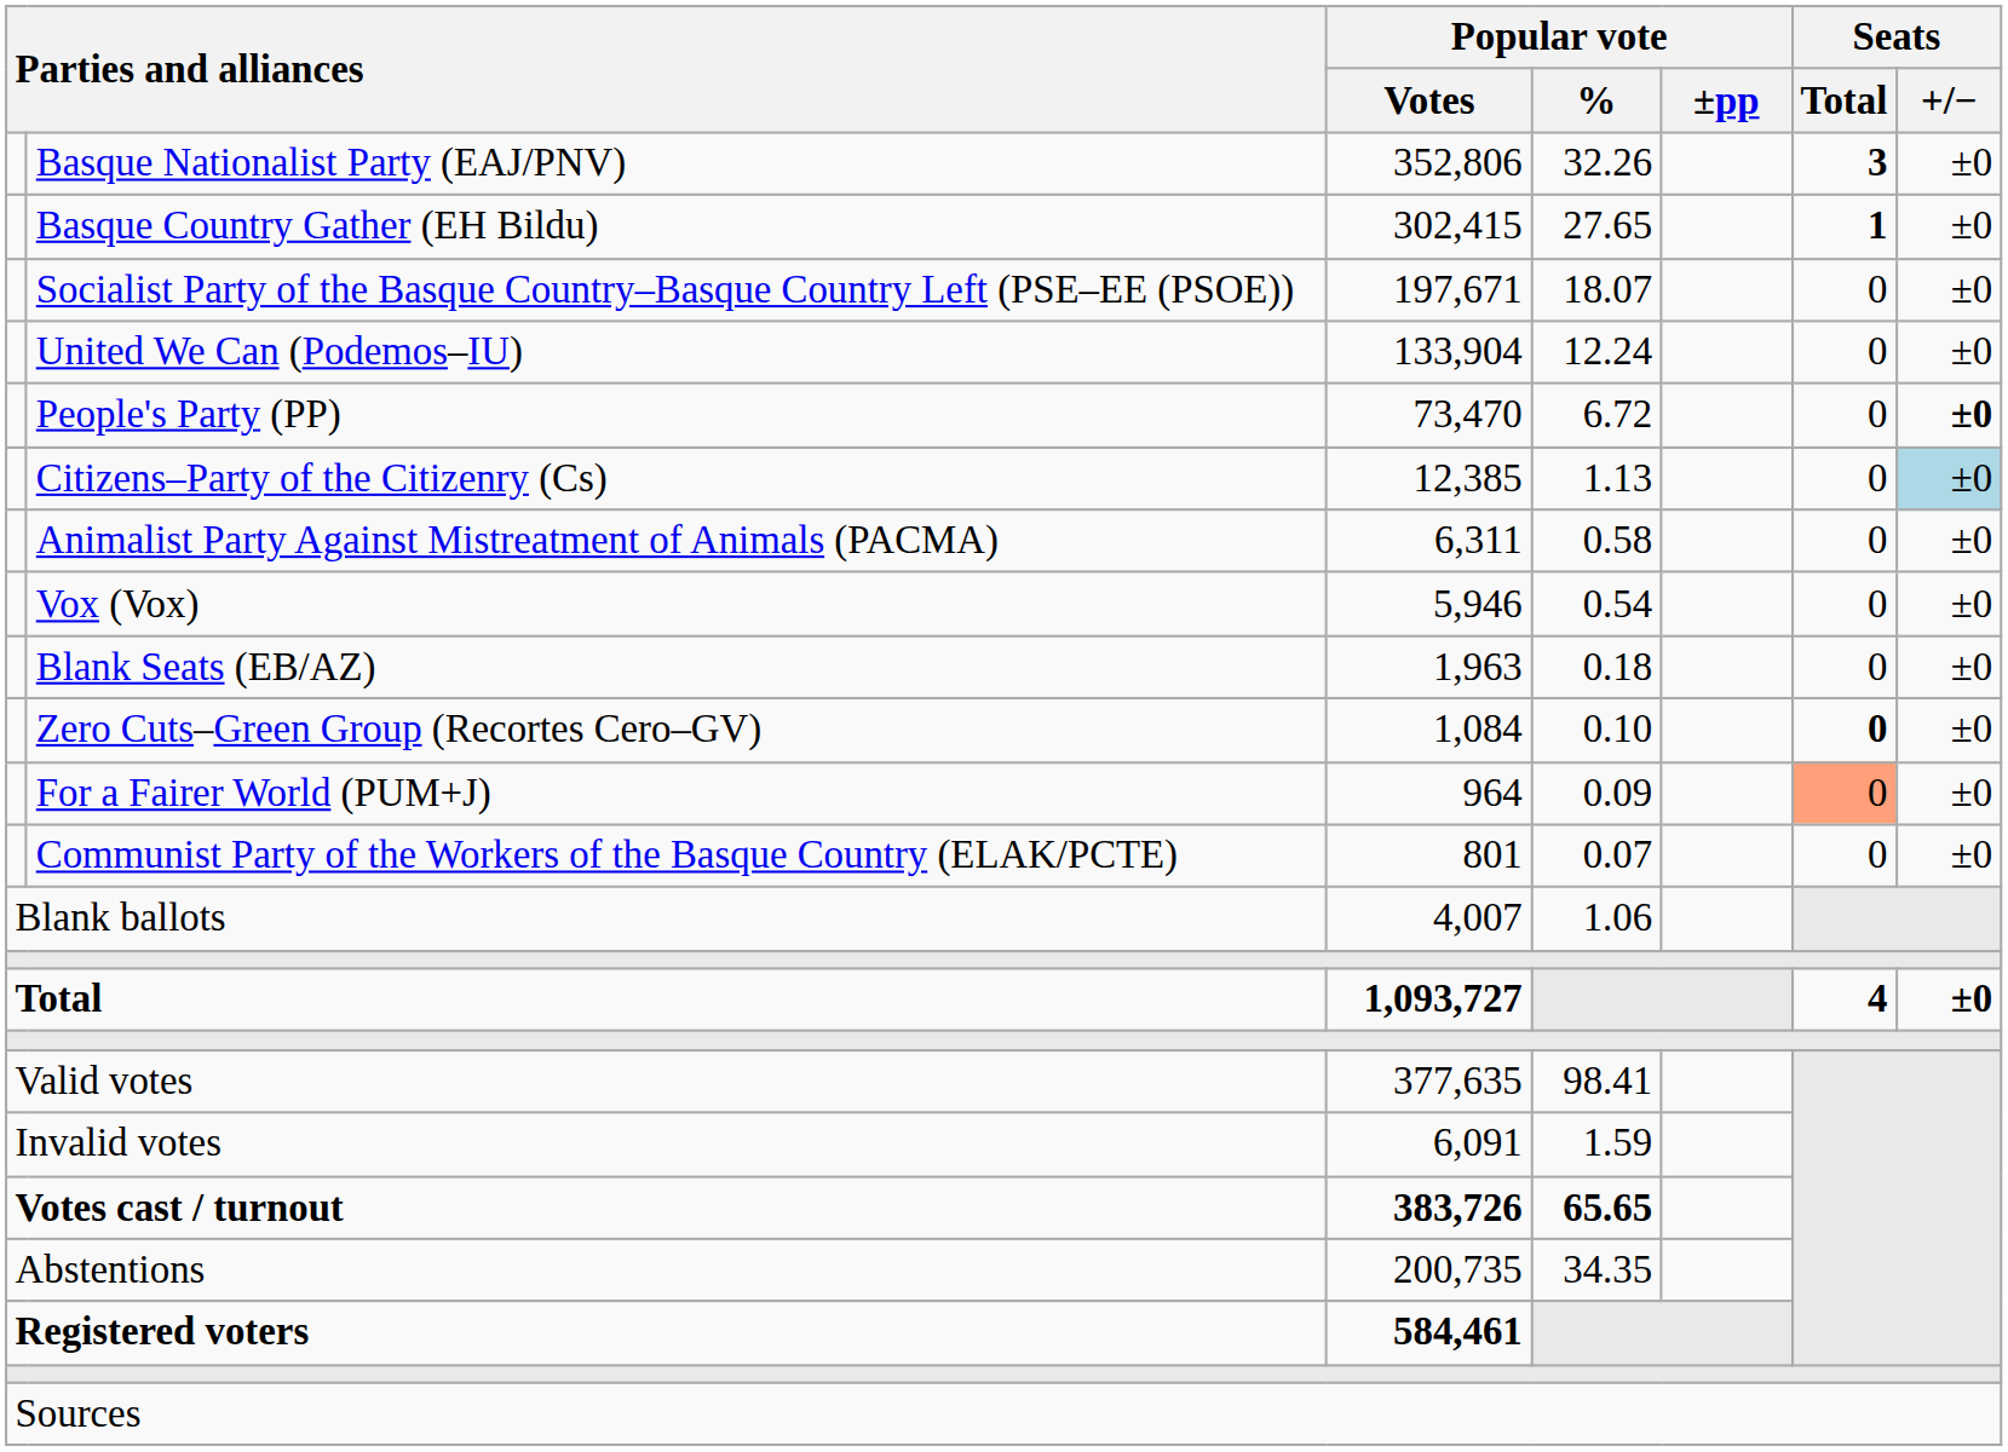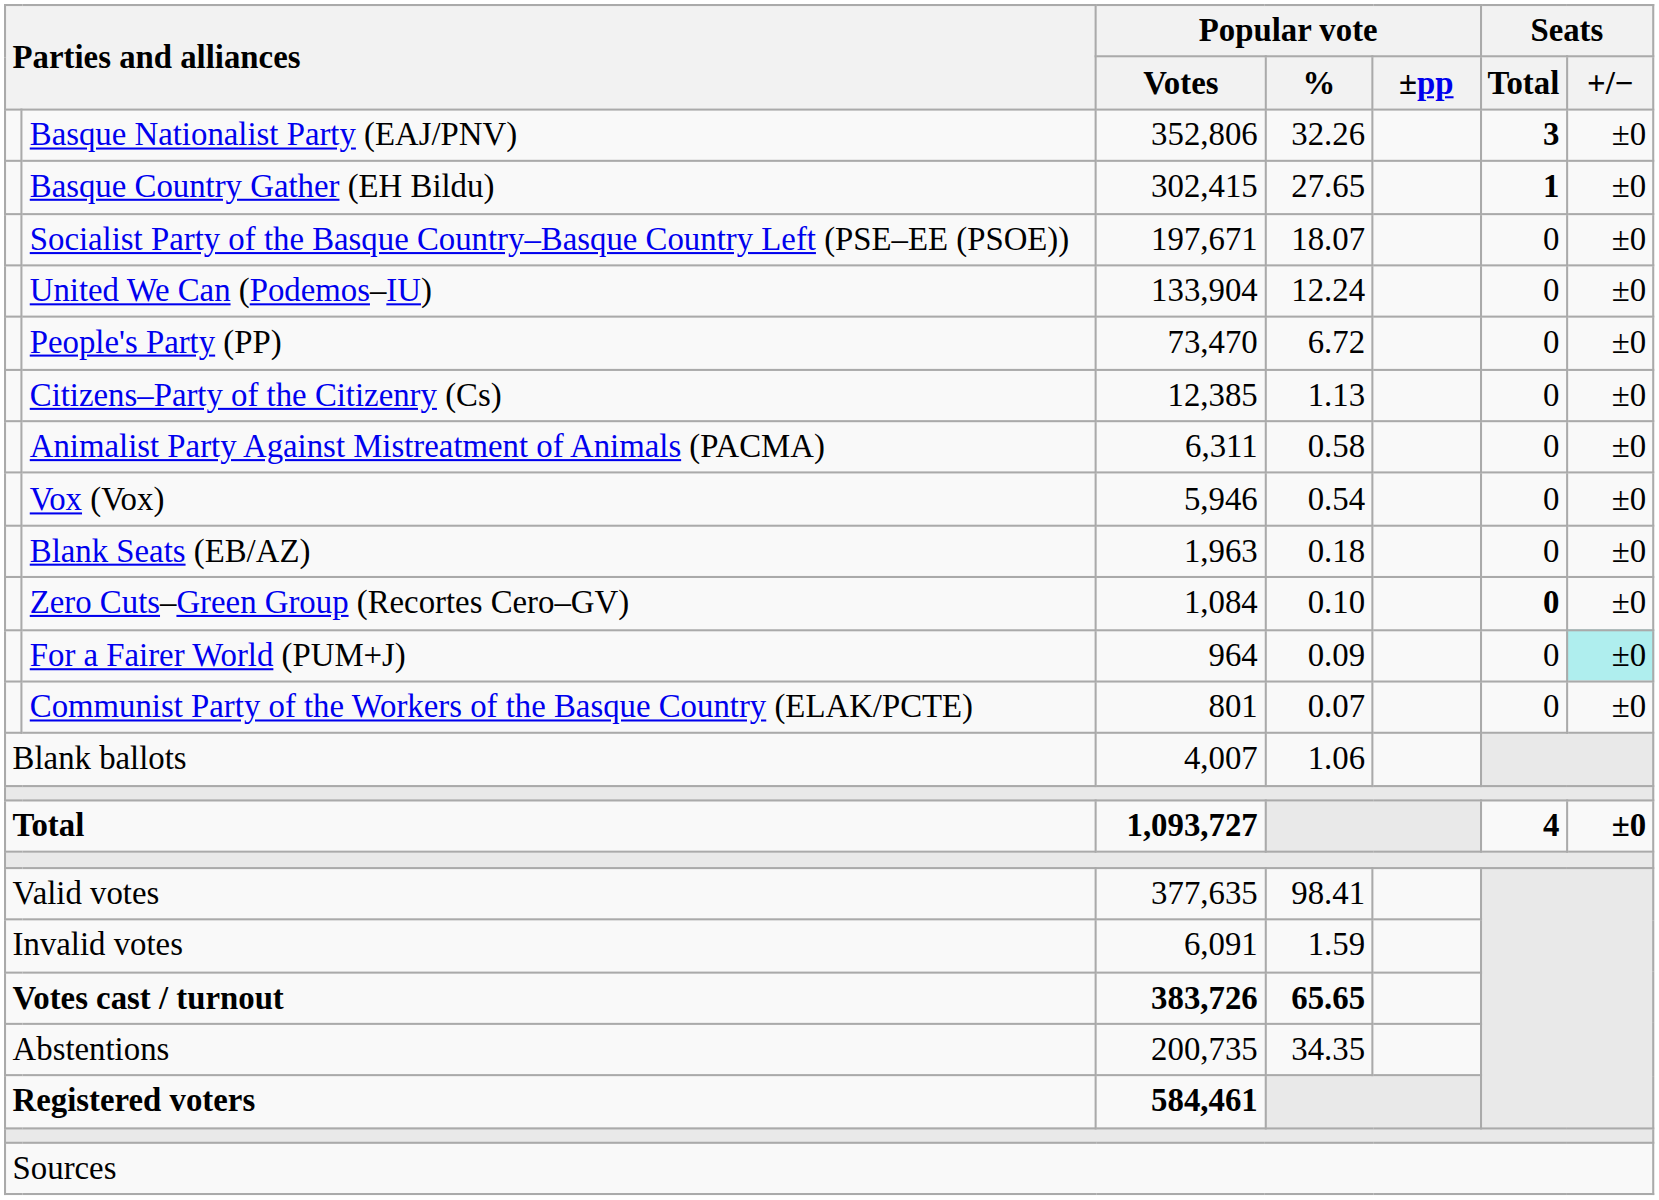 <table class="wikitable" style="text-align:right;">
 <tr>
 <th style="text-align:left;" rowspan="2" colspan="2" width="525">Parties and alliances</th>
 <th colspan="3">Popular vote</th>
 <th colspan="2">Seats</th>
 </tr>
 <tr>
 <th width="75">Votes</th>
 <th width="45">%</th>
 <th width="45">±<a href='#'>pp</a></th>
 <th width="35">Total</th>
 <th width="35">+/−</th>
 </tr>
 <tr>
 <td width="1" style="color:inherit;background:"></td>
 <td align="left"><a href='#'>Basque Nationalist Party</a> (EAJ/PNV)</td>
 <td>352,806</td>
 <td>32.26</td>
 <td></td>
 <td><strong>3</strong></td>
 <td>±0</td>
 </tr>
 <tr>
 <td style="color:inherit;background:"></td>
 <td align="left"><a href='#'>Basque Country Gather</a> (EH Bildu)</td>
 <td>302,415</td>
 <td>27.65</td>
 <td></td>
 <td><strong>1</strong></td>
 <td>±0</td>
 </tr>
 <tr>
 <td style="color:inherit;background:"></td>
 <td align="left"><a href='#'>Socialist Party of the Basque Country–Basque Country Left</a> (PSE–EE (PSOE))</td>
 <td>197,671</td>
 <td>18.07</td>
 <td></td>
 <td>0</td>
 <td>±0</td>
 </tr>
 <tr>
 <td style="color:inherit;background:"></td>
 <td align="left"><a href='#'>United We Can</a> (<a href='#'>Podemos</a>–<a href='#'>IU</a>)</td>
 <td>133,904</td>
 <td>12.24</td>
 <td></td>
 <td>0</td>
 <td>±0</td>
 </tr>
 <tr>
 <td style="color:inherit;background:"></td>
 <td align="left"><a href='#'>People's Party</a> (PP)</td>
 <td>73,470</td>
 <td>6.72</td>
 <td></td>
 <td>0</td>
-<td><strong>±0</strong></td>
+<td>±0</td>
 </tr>
 <tr>
 <td style="color:inherit;background:"></td>
 <td align="left"><a href='#'>Citizens–Party of the Citizenry</a> (Cs)</td>
 <td>12,385</td>
 <td>1.13</td>
 <td></td>
 <td>0</td>
-<td style="background: lightblue;">±0</td>
+<td>±0</td>
 </tr>
 <tr>
 <td style="color:inherit;background:"></td>
 <td align="left"><a href='#'>Animalist Party Against Mistreatment of Animals</a> (PACMA)</td>
 <td>6,311</td>
 <td>0.58</td>
 <td></td>
 <td>0</td>
 <td>±0</td>
 </tr>
 <tr>
 <td style="color:inherit;background:"></td>
 <td align="left"><a href='#'>Vox</a> (Vox)</td>
 <td>5,946</td>
 <td>0.54</td>
 <td></td>
 <td>0</td>
 <td>±0</td>
 </tr>
 <tr>
 <td style="color:inherit;background:"></td>
 <td align="left"><a href='#'>Blank Seats</a> (EB/AZ)</td>
 <td>1,963</td>
 <td>0.18</td>
 <td></td>
 <td>0</td>
 <td>±0</td>
 </tr>
 <tr>
 <td style="color:inherit;background:"></td>
 <td align="left"><a href='#'>Zero Cuts</a>–<a href='#'>Green Group</a> (Recortes Cero–GV)</td>
 <td>1,084</td>
 <td>0.10</td>
 <td></td>
 <td><strong>0</strong></td>
 <td>±0</td>
 </tr>
 <tr>
 <td style="color:inherit;background:"></td>
 <td align="left"><a href='#'>For a Fairer World</a> (PUM+J)</td>
 <td>964</td>
 <td>0.09</td>
 <td></td>
-<td style="background: lightsalmon;">0</td>
-<td>±0</td>
+<td>0</td>
+<td style="background: paleturquoise;">±0</td>
 </tr>
 <tr>
 <td style="color:inherit;background:"></td>
 <td align="left"><a href='#'>Communist Party of the Workers of the Basque Country</a> (ELAK/PCTE)</td>
 <td>801</td>
 <td>0.07</td>
 <td></td>
 <td>0</td>
 <td>±0</td>
 </tr>
 <tr>
 <td align="left" colspan="2">Blank ballots</td>
 <td>4,007</td>
 <td>1.06</td>
 <td></td>
 <td bgcolor="#E9E9E9" colspan="2"></td>
 </tr>
 <tr>
 <td colspan="7" bgcolor="#E9E9E9"></td>
 </tr>
 <tr style="font-weight:bold;">
 <td align="left" colspan="2">Total</td>
 <td>1,093,727</td>
 <td bgcolor="#E9E9E9" colspan="2"></td>
 <td>4</td>
 <td>±0</td>
 </tr>
 <tr>
 <td colspan="7" bgcolor="#E9E9E9"></td>
 </tr>
 <tr>
 <td align="left" colspan="2">Valid votes</td>
 <td>377,635</td>
 <td>98.41</td>
 <td></td>
 <td bgcolor="#E9E9E9" colspan="2" rowspan="5"></td>
 </tr>
 <tr>
 <td align="left" colspan="2">Invalid votes</td>
 <td>6,091</td>
 <td>1.59</td>
 <td></td>
 </tr>
 <tr style="font-weight:bold;">
 <td align="left" colspan="2">Votes cast / turnout</td>
 <td>383,726</td>
 <td>65.65</td>
 <td></td>
 </tr>
 <tr>
 <td align="left" colspan="2">Abstentions</td>
 <td>200,735</td>
 <td>34.35</td>
 <td></td>
 </tr>
 <tr style="font-weight:bold;">
 <td align="left" colspan="2">Registered voters</td>
 <td>584,461</td>
 <td bgcolor="#E9E9E9" colspan="2"></td>
 </tr>
 <tr>
 <td colspan="7" bgcolor="#E9E9E9"></td>
 </tr>
 <tr>
 <td align="left" colspan="7">Sources</td>
 </tr>
 </table>
